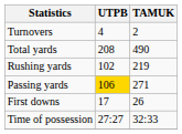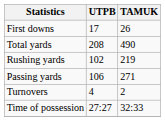 <table class="wikitable" style="float: left;">
 <tr>
 <th>Statistics</th>
 <th>UTPB</th>
 <th>TAMUK</th>
 </tr>
 <tr>
-<td>Turnovers</td>
-<td>4</td>
-<td>2</td>
+<td>First downs</td>
+<td>17</td>
+<td>26</td>
 </tr>
 <tr>
 <td>Total yards</td>
 <td>208</td>
 <td>490</td>
 </tr>
 <tr>
 <td>Rushing yards</td>
 <td>102</td>
 <td>219</td>
 </tr>
 <tr>
 <td>Passing yards</td>
-<td style="background: gold;">106</td>
+<td>106</td>
 <td>271</td>
 </tr>
 <tr>
-<td>First downs</td>
-<td>17</td>
-<td>26</td>
+<td>Turnovers</td>
+<td>4</td>
+<td>2</td>
 </tr>
 <tr>
 <td>Time of possession</td>
 <td>27:27</td>
 <td>32:33</td>
 </tr>
 <tr>
 </tr>
 </table>
